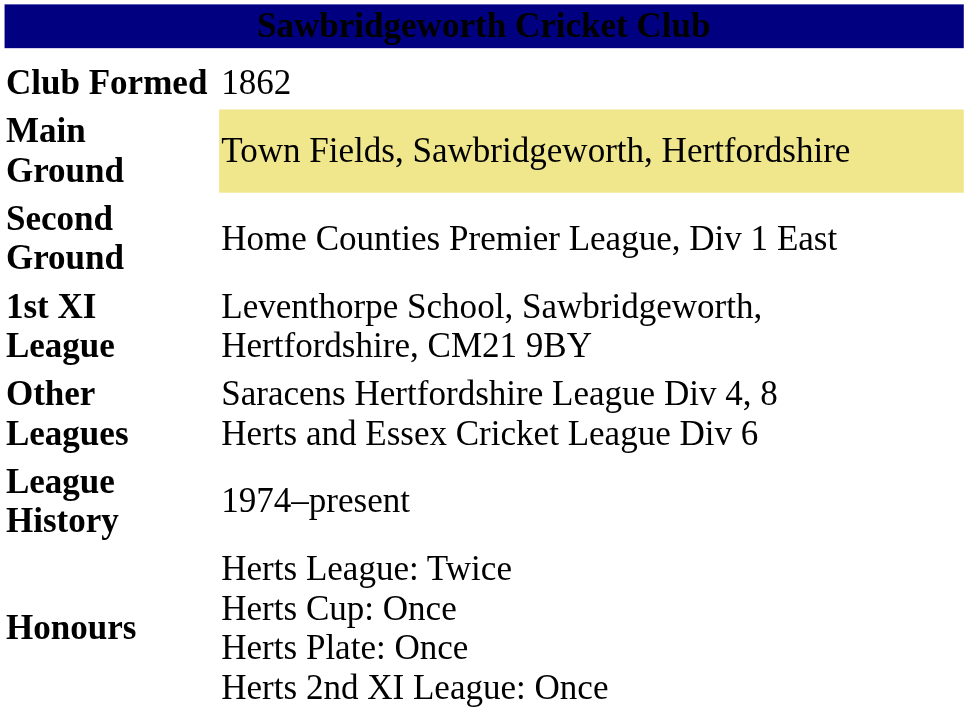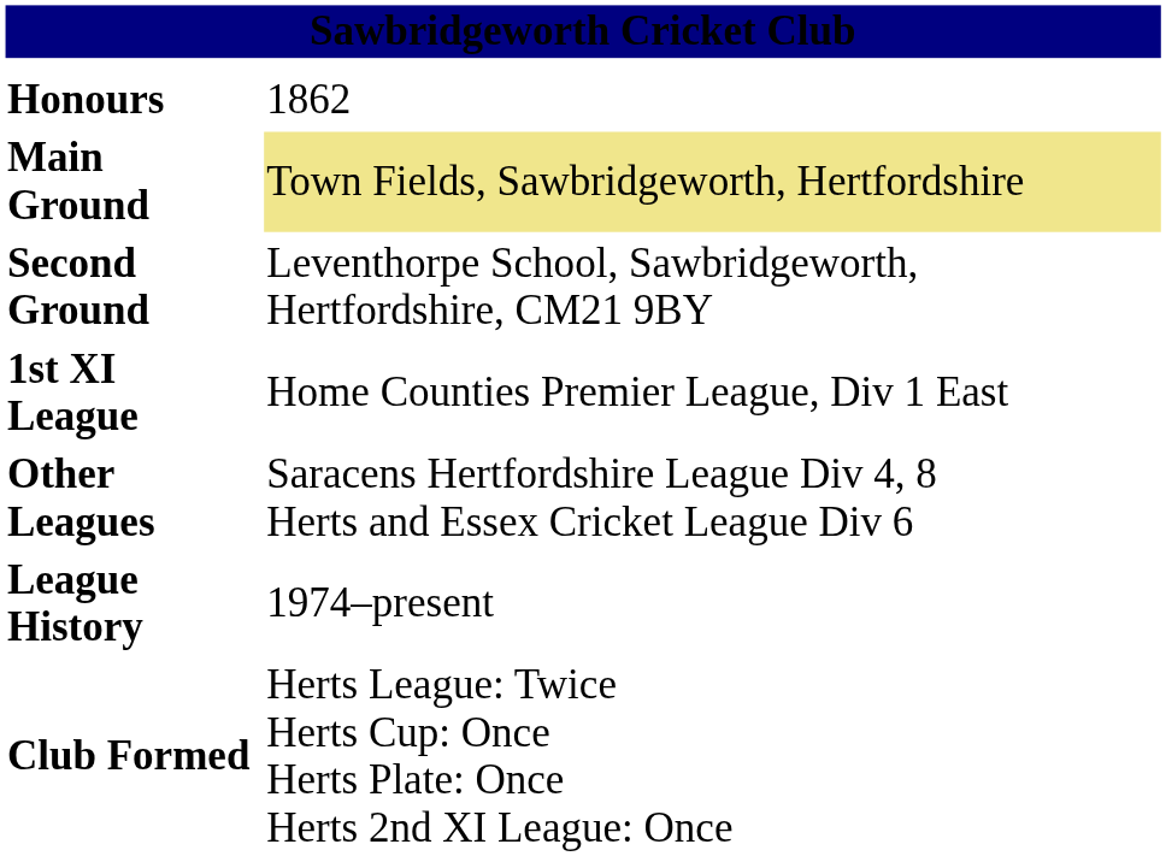 <table width=35% border=0 style="float:right;">
 <tr>
 <th colspan=2 style="background:#000080"><span><strong>Sawbridgeworth Cricket Club</strong></span></th>
 </tr>
 <tr>
 <td colspan=2 align=center></td>
 </tr>
 <tr>
-<td><strong>Club Formed</strong></td>
+<td><strong>Honours</strong></td>
 <td>1862</td>
 </tr>
 <tr>
 <td><strong>Main Ground</strong></td>
 <td style="background: khaki;">Town Fields, Sawbridgeworth, Hertfordshire</td>
 </tr>
 <tr>
 <td><strong>Second Ground</strong></td>
-<td>Home Counties Premier League, Div 1 East</td>
+<td>Leventhorpe School, Sawbridgeworth, Hertfordshire, CM21 9BY</td>
 </tr>
 <tr>
 <td><strong>1st XI League</strong></td>
-<td>Leventhorpe School, Sawbridgeworth, Hertfordshire, CM21 9BY</td>
+<td>Home Counties Premier League, Div 1 East</td>
 </tr>
 <tr>
 <td><strong>Other Leagues</strong></td>
 <td>Saracens Hertfordshire League Div 4, 8<br>Herts and Essex Cricket League Div 6</td>
 </tr>
 <tr>
 <td><strong>League History</strong></td>
 <td>1974–present</td>
 </tr>
 <tr>
-<td><strong>Honours</strong></td>
+<td><strong>Club Formed</strong></td>
 <td>Herts League: Twice<br>Herts Cup: Once<br>Herts Plate: Once<br>Herts 2nd XI League: Once</td>
 </tr>
 <tr>
 </tr>
 </table>
